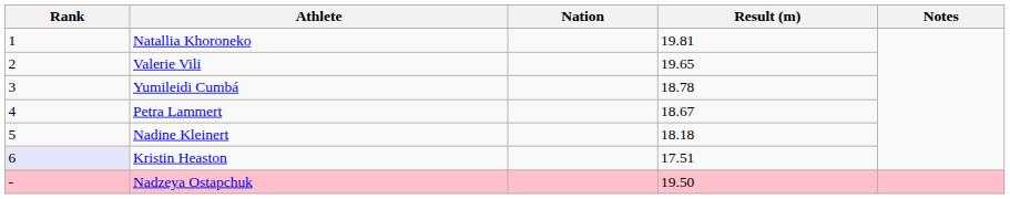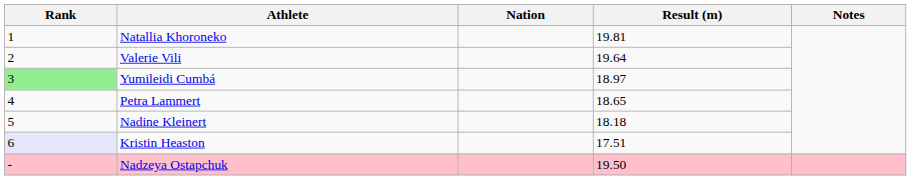 <table class="wikitable" style="text=align:center;" width=85%>
 <tr>
 <th>Rank</th>
 <th>Athlete</th>
 <th>Nation</th>
 <th>Result (m)</th>
 <th>Notes</th>
 </tr>
 <tr>
 <td>1</td>
 <td><a href='#'>Natallia Khoroneko</a></td>
 <td></td>
 <td>19.81</td>
 </tr>
 <tr>
 <td>2</td>
 <td><a href='#'>Valerie Vili</a></td>
 <td></td>
-<td>19.65</td>
+<td>19.64</td>
 </tr>
 <tr>
-<td>3</td>
+<td style="background: lightgreen;">3</td>
 <td><a href='#'>Yumileidi Cumbá</a></td>
 <td></td>
-<td>18.78</td>
+<td>18.97</td>
 </tr>
 <tr>
 <td>4</td>
 <td><a href='#'>Petra Lammert</a></td>
 <td></td>
-<td>18.67</td>
+<td>18.65</td>
 </tr>
 <tr>
 <td>5</td>
 <td><a href='#'>Nadine Kleinert</a></td>
 <td></td>
 <td>18.18</td>
 </tr>
 <tr>
 <td style="background: lavender;">6</td>
 <td><a href='#'>Kristin Heaston</a></td>
 <td></td>
 <td>17.51</td>
 </tr>
 <tr bgcolor=pink>
 <td>-</td>
 <td><a href='#'>Nadzeya Ostapchuk</a></td>
 <td></td>
 <td>19.50</td>
 <td></td>
 </tr>
 </table>
